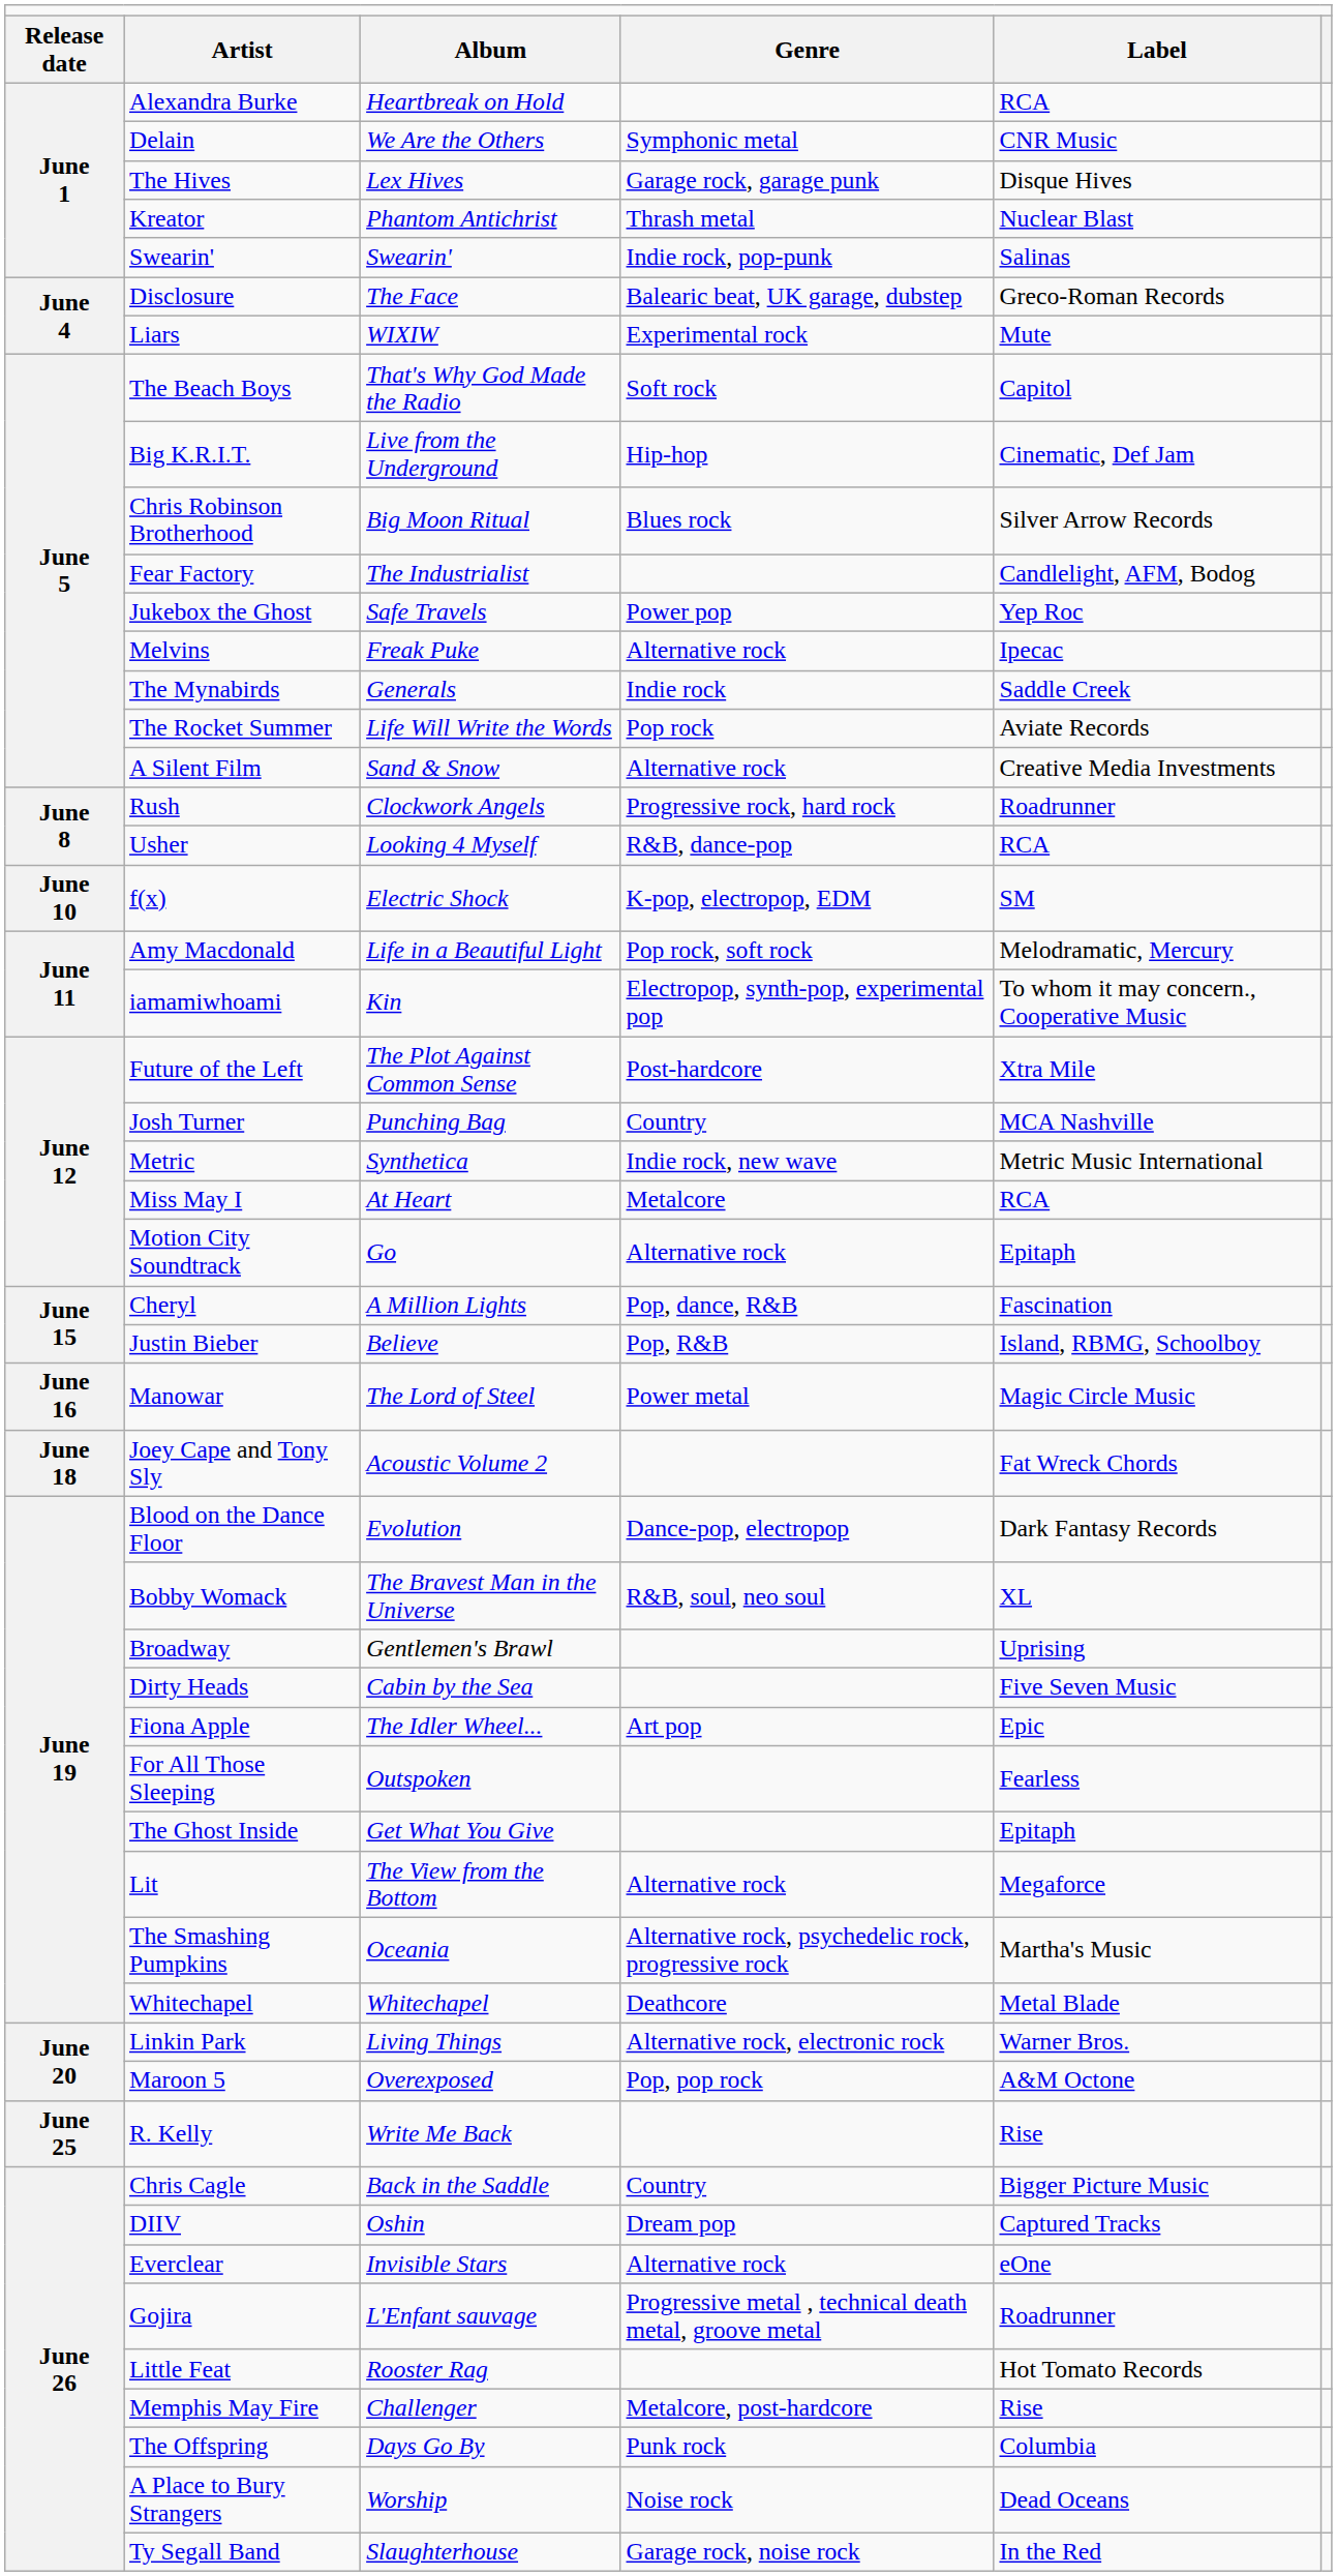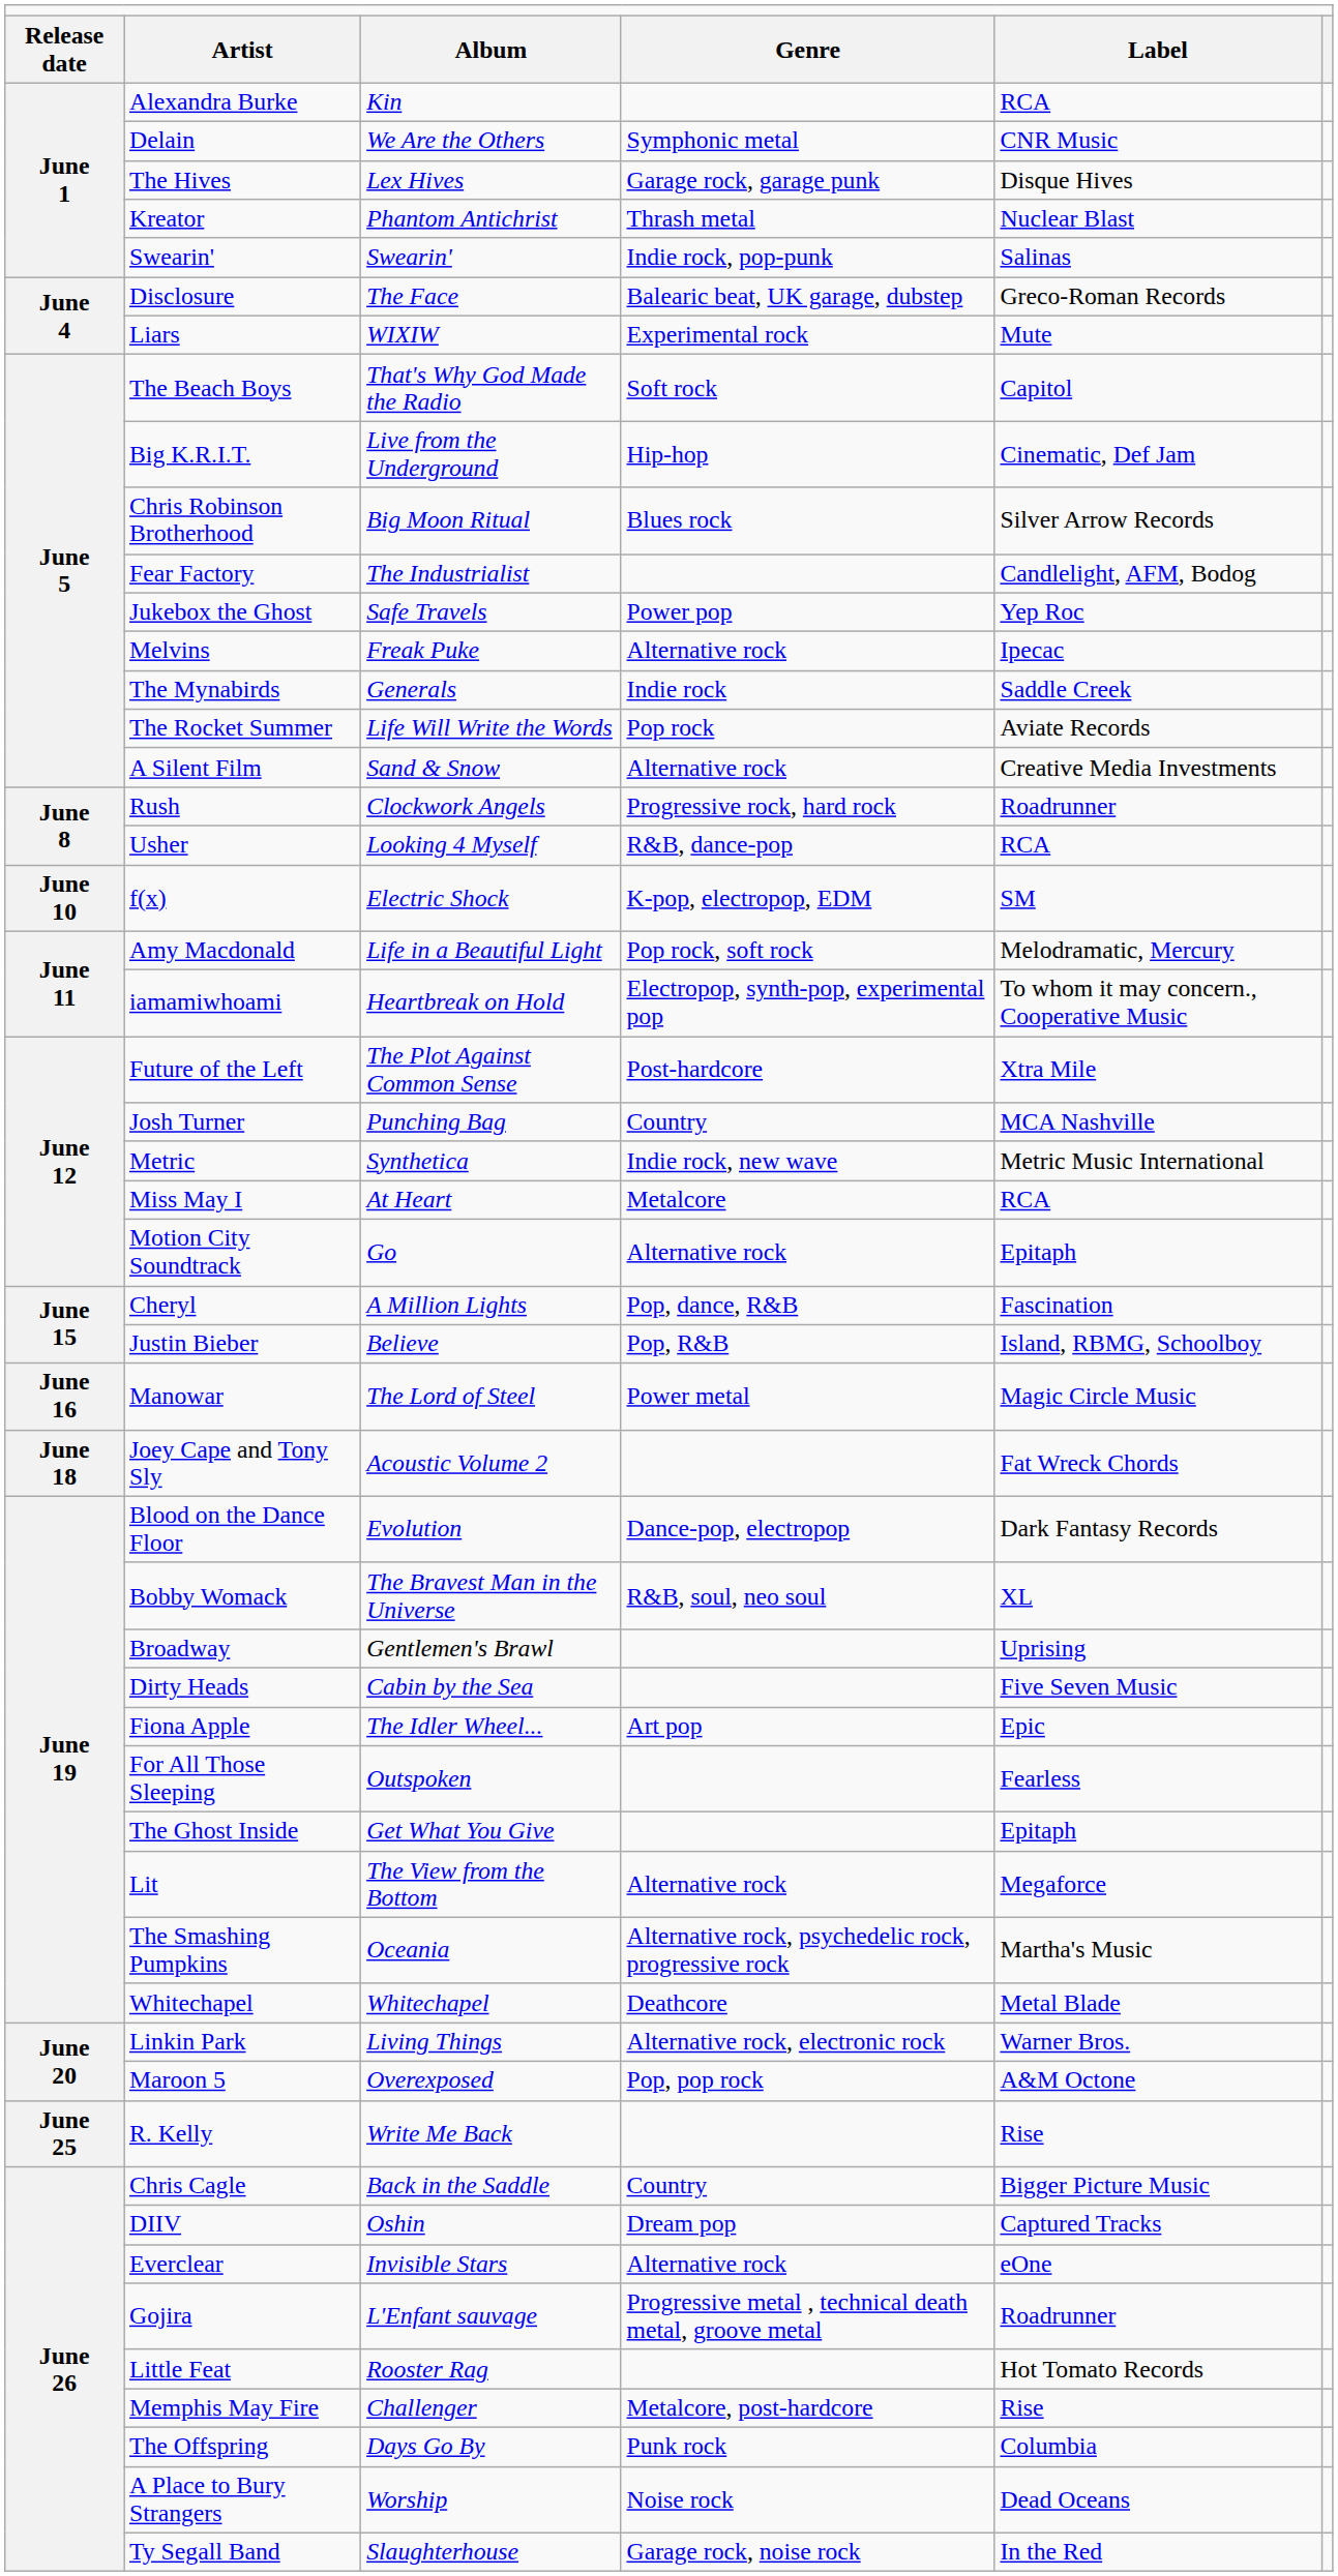 <table class="wikitable plainrowheaders">
 <tr>
 <td colspan="6" style="text-align:center;"></td>
 </tr>
 <tr>
 <th scope="col">Release date</th>
 <th scope="col">Artist</th>
 <th scope="col">Album</th>
 <th scope="col">Genre</th>
 <th scope="col">Label</th>
 <th scope="col"></th>
 </tr>
 <tr>
 <th scope="row" rowspan="5" style="text-align:center;">June<br>1</th>
 <td><a href='#'>Alexandra Burke</a></td>
-<td><em><a href='#'>Heartbreak on Hold</a></em></td>
+<td><em><a href='#'>Kin</a></em></td>
 <td></td>
 <td><a href='#'>RCA</a></td>
 <td></td>
 </tr>
 <tr>
 <td><a href='#'>Delain</a></td>
 <td><em><a href='#'>We Are the Others</a></em></td>
 <td><a href='#'>Symphonic metal</a></td>
 <td><a href='#'>CNR Music</a></td>
 <td></td>
 </tr>
 <tr>
 <td><a href='#'>The Hives</a></td>
 <td><em><a href='#'>Lex Hives</a></em></td>
 <td><a href='#'>Garage rock</a>, <a href='#'>garage punk</a></td>
 <td>Disque Hives</td>
 <td></td>
 </tr>
 <tr>
 <td><a href='#'>Kreator</a></td>
 <td><em><a href='#'>Phantom Antichrist</a></em></td>
 <td><a href='#'>Thrash metal</a></td>
 <td><a href='#'>Nuclear Blast</a></td>
 <td></td>
 </tr>
 <tr>
 <td><a href='#'>Swearin'</a></td>
 <td><em><a href='#'>Swearin'</a></em></td>
 <td><a href='#'>Indie rock</a>, <a href='#'>pop-punk</a></td>
 <td><a href='#'>Salinas</a></td>
 <td></td>
 </tr>
 <tr>
 <th scope="row" rowspan="2" style="text-align:center;">June<br>4</th>
 <td><a href='#'>Disclosure</a></td>
 <td><em><a href='#'>The Face</a></em></td>
 <td><a href='#'>Balearic beat</a>, <a href='#'>UK garage</a>, <a href='#'>dubstep</a></td>
 <td>Greco-Roman Records</td>
 <td></td>
 </tr>
 <tr>
 <td><a href='#'>Liars</a></td>
 <td><em><a href='#'>WIXIW</a></em></td>
 <td><a href='#'>Experimental rock</a></td>
 <td><a href='#'>Mute</a></td>
 <td></td>
 </tr>
 <tr>
 <th scope="row" rowspan="9" style="text-align:center;">June<br>5</th>
 <td><a href='#'>The Beach Boys</a></td>
 <td><em><a href='#'>That's Why God Made the Radio</a></em></td>
 <td><a href='#'>Soft rock</a></td>
 <td><a href='#'>Capitol</a></td>
 <td></td>
 </tr>
 <tr>
 <td><a href='#'>Big K.R.I.T.</a></td>
 <td><em><a href='#'>Live from the Underground</a></em></td>
 <td><a href='#'>Hip-hop</a></td>
 <td><a href='#'>Cinematic</a>, <a href='#'>Def Jam</a></td>
 <td></td>
 </tr>
 <tr>
 <td><a href='#'>Chris Robinson Brotherhood</a></td>
 <td><em><a href='#'>Big Moon Ritual</a></em></td>
 <td><a href='#'>Blues rock</a></td>
 <td>Silver Arrow Records</td>
 <td></td>
 </tr>
 <tr>
 <td><a href='#'>Fear Factory</a></td>
 <td><em><a href='#'>The Industrialist</a></em></td>
 <td></td>
 <td><a href='#'>Candlelight</a>, <a href='#'>AFM</a>, Bodog</td>
 <td></td>
 </tr>
 <tr>
 <td><a href='#'>Jukebox the Ghost</a></td>
 <td><em><a href='#'>Safe Travels</a></em></td>
 <td><a href='#'>Power pop</a></td>
 <td><a href='#'>Yep Roc</a></td>
 <td></td>
 </tr>
 <tr>
 <td><a href='#'>Melvins</a></td>
 <td><em><a href='#'>Freak Puke</a></em></td>
 <td><a href='#'>Alternative rock</a></td>
 <td><a href='#'>Ipecac</a></td>
 <td></td>
 </tr>
 <tr>
 <td><a href='#'>The Mynabirds</a></td>
 <td><em><a href='#'>Generals</a></em></td>
 <td><a href='#'>Indie rock</a></td>
 <td><a href='#'>Saddle Creek</a></td>
 <td></td>
 </tr>
 <tr>
 <td><a href='#'>The Rocket Summer</a></td>
 <td><em><a href='#'>Life Will Write the Words</a></em></td>
 <td><a href='#'>Pop rock</a></td>
 <td>Aviate Records</td>
 <td></td>
 </tr>
 <tr>
 <td><a href='#'>A Silent Film</a></td>
 <td><em><a href='#'>Sand & Snow</a></em></td>
 <td><a href='#'>Alternative rock</a></td>
 <td>Creative Media Investments</td>
 <td></td>
 </tr>
 <tr>
 <th scope="row" rowspan="2" style="text-align:center;">June<br>8</th>
 <td><a href='#'>Rush</a></td>
 <td><em><a href='#'>Clockwork Angels</a></em></td>
 <td><a href='#'>Progressive rock</a>, <a href='#'>hard rock</a></td>
 <td><a href='#'>Roadrunner</a></td>
 <td></td>
 </tr>
 <tr>
 <td><a href='#'>Usher</a></td>
 <td><em><a href='#'>Looking 4 Myself</a></em></td>
 <td><a href='#'>R&B</a>, <a href='#'>dance-pop</a></td>
 <td><a href='#'>RCA</a></td>
 <td></td>
 </tr>
 <tr>
 <th scope="row" style="text-align:center;">June<br>10</th>
 <td><a href='#'>f(x)</a></td>
 <td><em><a href='#'>Electric Shock</a></em></td>
 <td><a href='#'>K-pop</a>, <a href='#'>electropop</a>, <a href='#'>EDM</a></td>
 <td><a href='#'>SM</a></td>
 <td></td>
 </tr>
 <tr>
 <th scope="row" rowspan="2" style="text-align:center;">June<br>11</th>
 <td><a href='#'>Amy Macdonald</a></td>
 <td><em><a href='#'>Life in a Beautiful Light</a></em></td>
 <td><a href='#'>Pop rock</a>, <a href='#'>soft rock</a></td>
 <td>Melodramatic, <a href='#'>Mercury</a></td>
 <td></td>
 </tr>
 <tr>
 <td><a href='#'>iamamiwhoami</a></td>
-<td><em><a href='#'>Kin</a></em></td>
+<td><em><a href='#'>Heartbreak on Hold</a></em></td>
 <td><a href='#'>Electropop</a>, <a href='#'>synth-pop</a>, <a href='#'>experimental pop</a></td>
 <td>To whom it may concern., <a href='#'>Cooperative Music</a></td>
 <td></td>
 </tr>
 <tr>
 <th scope="row" rowspan="5" style="text-align:center;">June<br>12</th>
 <td><a href='#'>Future of the Left</a></td>
 <td><em><a href='#'>The Plot Against Common Sense</a></em></td>
 <td><a href='#'>Post-hardcore</a></td>
 <td><a href='#'>Xtra Mile</a></td>
 <td></td>
 </tr>
 <tr>
 <td><a href='#'>Josh Turner</a></td>
 <td><em><a href='#'>Punching Bag</a></em></td>
 <td><a href='#'>Country</a></td>
 <td><a href='#'>MCA Nashville</a></td>
 <td></td>
 </tr>
 <tr>
 <td><a href='#'>Metric</a></td>
 <td><em><a href='#'>Synthetica</a></em></td>
 <td><a href='#'>Indie rock</a>, <a href='#'>new wave</a></td>
 <td>Metric Music International</td>
 <td></td>
 </tr>
 <tr>
 <td><a href='#'>Miss May I</a></td>
 <td><em><a href='#'>At Heart</a></em></td>
 <td><a href='#'>Metalcore</a></td>
 <td><a href='#'>RCA</a></td>
 <td></td>
 </tr>
 <tr>
 <td><a href='#'>Motion City Soundtrack</a></td>
 <td><em><a href='#'>Go</a></em></td>
 <td><a href='#'>Alternative rock</a></td>
 <td><a href='#'>Epitaph</a></td>
 <td></td>
 </tr>
 <tr>
 <th scope="row" rowspan="2" style="text-align:center;">June<br>15</th>
 <td><a href='#'>Cheryl</a></td>
 <td><em><a href='#'>A Million Lights</a></em></td>
 <td><a href='#'>Pop</a>, <a href='#'>dance</a>, <a href='#'>R&B</a></td>
 <td><a href='#'>Fascination</a></td>
 <td></td>
 </tr>
 <tr>
 <td><a href='#'>Justin Bieber</a></td>
 <td><em><a href='#'>Believe</a></em></td>
 <td><a href='#'>Pop</a>, <a href='#'>R&B</a></td>
 <td><a href='#'>Island</a>, <a href='#'>RBMG</a>, <a href='#'>Schoolboy</a></td>
 <td></td>
 </tr>
 <tr>
 <th scope="row" style="text-align:center;">June<br>16</th>
 <td><a href='#'>Manowar</a></td>
 <td><em><a href='#'>The Lord of Steel</a></em></td>
 <td><a href='#'>Power metal</a></td>
 <td><a href='#'>Magic Circle Music</a></td>
 <td></td>
 </tr>
 <tr>
 <th scope="row" style="text-align:center;">June<br>18</th>
 <td><a href='#'>Joey Cape</a> and <a href='#'>Tony Sly</a></td>
 <td><em><a href='#'>Acoustic Volume 2</a></em></td>
 <td></td>
 <td><a href='#'>Fat Wreck Chords</a></td>
 <td></td>
 </tr>
 <tr>
 <th scope="row" rowspan="10" style="text-align:center;">June<br>19</th>
 <td><a href='#'>Blood on the Dance Floor</a></td>
 <td><em><a href='#'>Evolution</a></em></td>
 <td><a href='#'>Dance-pop</a>, <a href='#'>electropop</a></td>
 <td>Dark Fantasy Records</td>
 <td></td>
 </tr>
 <tr>
 <td><a href='#'>Bobby Womack</a></td>
 <td><em><a href='#'>The Bravest Man in the Universe</a></em></td>
 <td><a href='#'>R&B</a>, <a href='#'>soul</a>, <a href='#'>neo soul</a></td>
 <td><a href='#'>XL</a></td>
 <td></td>
 </tr>
 <tr>
 <td><a href='#'>Broadway</a></td>
 <td><em>Gentlemen's Brawl</em></td>
 <td></td>
 <td><a href='#'>Uprising</a></td>
 <td></td>
 </tr>
 <tr>
 <td><a href='#'>Dirty Heads</a></td>
 <td><em><a href='#'>Cabin by the Sea</a></em></td>
 <td></td>
 <td><a href='#'>Five Seven Music</a></td>
 <td></td>
 </tr>
 <tr>
 <td><a href='#'>Fiona Apple</a></td>
 <td><em><a href='#'>The Idler Wheel...</a></em></td>
 <td><a href='#'>Art pop</a></td>
 <td><a href='#'>Epic</a></td>
 <td></td>
 </tr>
 <tr>
 <td><a href='#'>For All Those Sleeping</a></td>
 <td><em><a href='#'>Outspoken</a></em></td>
 <td></td>
 <td><a href='#'>Fearless</a></td>
 <td></td>
 </tr>
 <tr>
 <td><a href='#'>The Ghost Inside</a></td>
 <td><em><a href='#'>Get What You Give</a></em></td>
 <td></td>
 <td><a href='#'>Epitaph</a></td>
 <td></td>
 </tr>
 <tr>
 <td><a href='#'>Lit</a></td>
 <td><em><a href='#'>The View from the Bottom</a></em></td>
 <td><a href='#'>Alternative rock</a></td>
 <td><a href='#'>Megaforce</a></td>
 <td></td>
 </tr>
 <tr>
 <td><a href='#'>The Smashing Pumpkins</a></td>
 <td><em><a href='#'>Oceania</a></em></td>
 <td><a href='#'>Alternative rock</a>, <a href='#'>psychedelic rock</a>, <a href='#'>progressive rock</a></td>
 <td>Martha's Music</td>
 <td></td>
 </tr>
 <tr>
 <td><a href='#'>Whitechapel</a></td>
 <td><em><a href='#'>Whitechapel</a></em></td>
 <td><a href='#'>Deathcore</a></td>
 <td><a href='#'>Metal Blade</a></td>
 <td></td>
 </tr>
 <tr>
 <th scope="row" rowspan="2" style="text-align:center;">June<br>20</th>
 <td><a href='#'>Linkin Park</a></td>
 <td><em><a href='#'>Living Things</a></em></td>
 <td><a href='#'>Alternative rock</a>, <a href='#'>electronic rock</a></td>
 <td><a href='#'>Warner Bros.</a></td>
 <td></td>
 </tr>
 <tr>
 <td><a href='#'>Maroon 5</a></td>
 <td><em><a href='#'>Overexposed</a></em></td>
 <td><a href='#'>Pop</a>, <a href='#'>pop rock</a></td>
 <td><a href='#'>A&M Octone</a></td>
 <td></td>
 </tr>
 <tr>
 <th scope="row" style="text-align:center;">June<br>25</th>
 <td><a href='#'>R. Kelly</a></td>
 <td><em><a href='#'>Write Me Back</a></em></td>
 <td></td>
 <td><a href='#'>Rise</a></td>
 <td></td>
 </tr>
 <tr>
 <th scope="row" rowspan="9" style="text-align:center;">June<br>26</th>
 <td><a href='#'>Chris Cagle</a></td>
 <td><em><a href='#'>Back in the Saddle</a></em></td>
 <td><a href='#'>Country</a></td>
 <td><a href='#'>Bigger Picture Music</a></td>
 <td></td>
 </tr>
 <tr>
 <td><a href='#'>DIIV</a></td>
 <td><em><a href='#'>Oshin</a></em></td>
 <td><a href='#'>Dream pop</a></td>
 <td><a href='#'>Captured Tracks</a></td>
 <td></td>
 </tr>
 <tr>
 <td><a href='#'>Everclear</a></td>
 <td><em><a href='#'>Invisible Stars</a></em></td>
 <td><a href='#'>Alternative rock</a></td>
 <td><a href='#'>eOne</a></td>
 <td></td>
 </tr>
 <tr>
 <td><a href='#'>Gojira</a></td>
 <td><em><a href='#'>L'Enfant sauvage</a></em></td>
 <td><a href='#'>Progressive metal</a> , <a href='#'>technical death metal</a>, <a href='#'>groove metal</a></td>
 <td><a href='#'>Roadrunner</a></td>
 <td></td>
 </tr>
 <tr>
 <td><a href='#'>Little Feat</a></td>
 <td><em><a href='#'>Rooster Rag</a></em></td>
 <td></td>
 <td>Hot Tomato Records</td>
 <td></td>
 </tr>
 <tr>
 <td><a href='#'>Memphis May Fire</a></td>
 <td><em><a href='#'>Challenger</a></em></td>
 <td><a href='#'>Metalcore</a>, <a href='#'>post-hardcore</a></td>
 <td><a href='#'>Rise</a></td>
 <td></td>
 </tr>
 <tr>
 <td><a href='#'>The Offspring</a></td>
 <td><em><a href='#'>Days Go By</a></em></td>
 <td><a href='#'>Punk rock</a></td>
 <td><a href='#'>Columbia</a></td>
 <td></td>
 </tr>
 <tr>
 <td><a href='#'>A Place to Bury Strangers</a></td>
 <td><em><a href='#'>Worship</a></em></td>
 <td><a href='#'>Noise rock</a></td>
 <td><a href='#'>Dead Oceans</a></td>
 <td></td>
 </tr>
 <tr>
 <td><a href='#'>Ty Segall Band</a></td>
 <td><em><a href='#'>Slaughterhouse</a></em></td>
 <td><a href='#'>Garage rock</a>, <a href='#'>noise rock</a></td>
 <td><a href='#'>In the Red</a></td>
 <td></td>
 </tr>
 </table>
